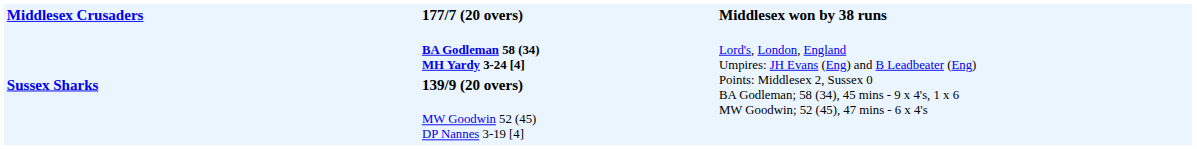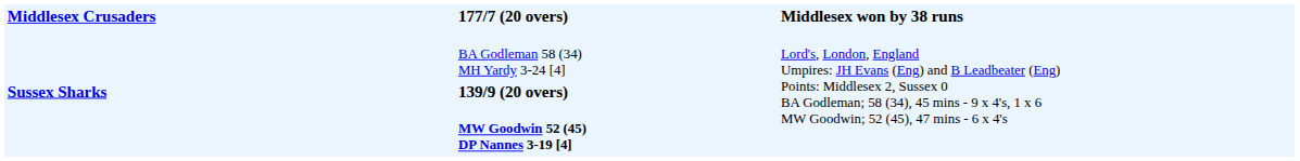 <table style="width:100%; background:#ebf5ff;">
 <tr>
 <td style="width:35%; vertical-align:top;" rowspan="2"><strong><a href='#'>Middlesex Crusaders</a></strong></td>
 <td style="width:25%;"><strong>177/7 (20 overs)</strong></td>
 <td style="width:40%;"><strong>Middlesex won by 38 runs </strong></td>
 </tr>
 <tr>
-<td style="font-size: 85%;"><strong><br><a href='#'>BA Godleman</a> 58 (34)<br> <a href='#'>MH Yardy</a> 3-24 [4]</strong></td>
+<td style="font-size: 85%;"><br><a href='#'>BA Godleman</a> 58 (34)<br> <a href='#'>MH Yardy</a> 3-24 [4]</td>
 <td style="vertical-align:top; font-size:85%;" rowspan="3"><br><a href='#'>Lord's</a>, <a href='#'>London</a>, <a href='#'>England</a><br> Umpires: <a href='#'>JH Evans</a> (<a href='#'>Eng</a>) and <a href='#'>B Leadbeater</a> (<a href='#'>Eng</a>)<br> Points: Middlesex 2, Sussex 0<br>BA Godleman; 58 (34), 45 mins - 9 x 4's, 1 x 6<br> MW Goodwin; 52 (45), 47 mins - 6 x 4's</td>
 </tr>
 <tr>
 <td style="vertical-align:top;" rowspan="2"><strong><a href='#'>Sussex Sharks</a></strong></td>
 <td><strong>139/9 (20 overs)</strong></td>
 </tr>
 <tr>
-<td style="font-size: 85%;"><br><a href='#'>MW Goodwin</a> 52 (45)<br> <a href='#'>DP Nannes</a> 3-19 [4]</td>
+<td style="font-size: 85%;"><strong><br><a href='#'>MW Goodwin</a> 52 (45)<br> <a href='#'>DP Nannes</a> 3-19 [4]</strong></td>
 </tr>
 </table>
